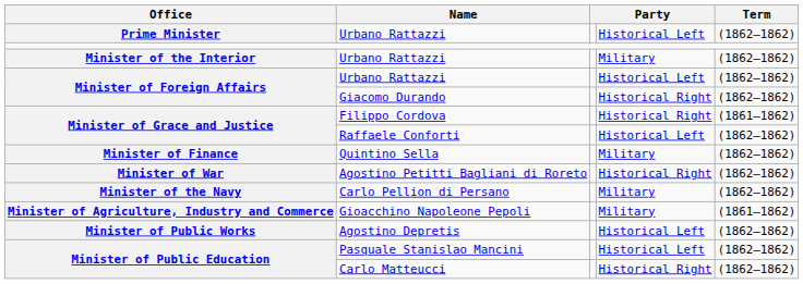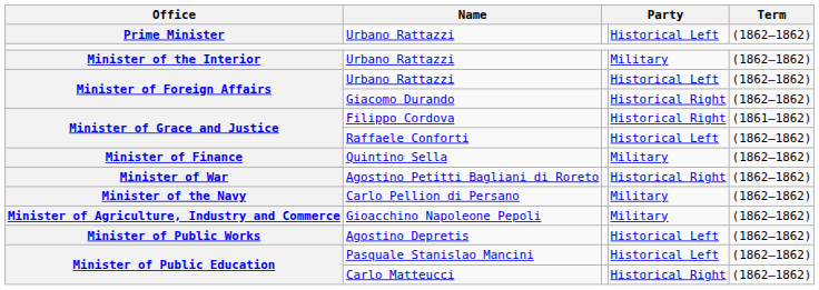 <table class="wikitable" style="font-size: 100%;">
 <tr>
 <th>Office</th>
 <th>Name</th>
 <th colspan=2>Party</th>
 <th>Term</th>
 </tr>
 <tr>
 <th><a href='#'>Prime Minister</a></th>
 <td><a href='#'>Urbano Rattazzi</a></td>
 <td style="color:inherit;background:"></td>
 <td><a href='#'>Historical Left</a></td>
 <td>(1862–1862)</td>
 </tr>
 <tr>
 <td colspan=6></td>
 </tr>
 <tr>
 <th><a href='#'>Minister of the Interior</a></th>
 <td><a href='#'>Urbano Rattazzi</a></td>
 <td style="color:inherit;background:"></td>
 <td><a href='#'>Military</a></td>
 <td>(1862–1862)</td>
 </tr>
 <tr>
 <th rowspan=2><a href='#'>Minister of Foreign Affairs</a></th>
 <td><a href='#'>Urbano Rattazzi</a></td>
 <td style="color:inherit;background:"></td>
 <td><a href='#'>Historical Left</a></td>
 <td>(1862–1862)</td>
 </tr>
 <tr>
 <td><a href='#'>Giacomo Durando</a></td>
 <td style="color:inherit;background:"></td>
 <td><a href='#'>Historical Right</a></td>
 <td>(1862–1862)</td>
 </tr>
 <tr>
 <th rowspan=2><a href='#'>Minister of Grace and Justice</a></th>
 <td><a href='#'>Filippo Cordova</a></td>
 <td style="color:inherit;background:"></td>
 <td><a href='#'>Historical Right</a></td>
 <td>(1861–1862)</td>
 </tr>
 <tr>
 <td><a href='#'>Raffaele Conforti</a></td>
 <td style="color:inherit;background:"></td>
 <td><a href='#'>Historical Left</a></td>
 <td>(1862–1862)</td>
 </tr>
 <tr>
 <th><a href='#'>Minister of Finance</a></th>
 <td><a href='#'>Quintino Sella</a></td>
 <td style="color:inherit;background:"></td>
 <td><a href='#'>Military</a></td>
 <td>(1862–1862)</td>
 </tr>
 <tr>
 <th><a href='#'>Minister of War</a></th>
 <td><a href='#'>Agostino Petitti Bagliani di Roreto</a></td>
 <td style="color:inherit;background:"></td>
 <td><a href='#'>Historical Right</a></td>
 <td>(1862–1862)</td>
 </tr>
 <tr>
 <th><a href='#'>Minister of the Navy</a></th>
 <td><a href='#'>Carlo Pellion di Persano</a></td>
 <td style="color:inherit;background:"></td>
 <td><a href='#'>Military</a></td>
 <td>(1862–1862)</td>
 </tr>
 <tr>
 <th><a href='#'>Minister of Agriculture, Industry and Commerce</a></th>
 <td><a href='#'>Gioacchino Napoleone Pepoli</a></td>
 <td style="color:inherit;background:"></td>
 <td><a href='#'>Military</a></td>
-<td>(1861–1862)</td>
+<td>(1862–1862)</td>
 </tr>
 <tr>
 <th><a href='#'>Minister of Public Works</a></th>
 <td><a href='#'>Agostino Depretis</a></td>
 <td style="color:inherit;background:"></td>
 <td><a href='#'>Historical Left</a></td>
 <td>(1862–1862)</td>
 </tr>
 <tr>
 <th rowspan=2><a href='#'>Minister of Public Education</a></th>
 <td><a href='#'>Pasquale Stanislao Mancini</a></td>
 <td style="color:inherit;background:"></td>
 <td><a href='#'>Historical Left</a></td>
 <td>(1862–1862)</td>
 </tr>
 <tr>
 <td><a href='#'>Carlo Matteucci</a></td>
 <td style="color:inherit;background:"></td>
 <td><a href='#'>Historical Right</a></td>
 <td>(1862–1862)</td>
 </tr>
 </table>
